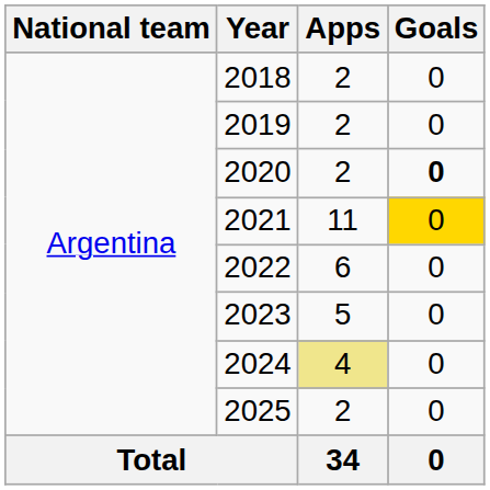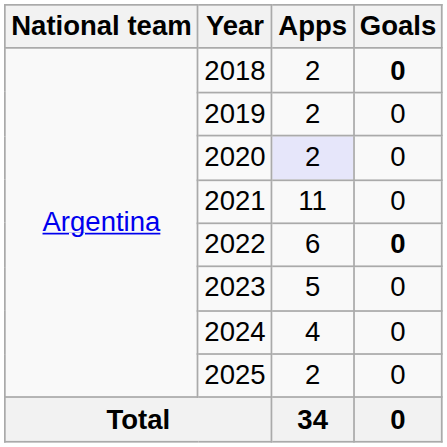 <table class="wikitable" style="text-align:center">
 <tr>
 <th>National team</th>
 <th>Year</th>
 <th>Apps</th>
 <th>Goals</th>
 </tr>
 <tr>
 <td rowspan="8"><a href='#'>Argentina</a></td>
 <td>2018</td>
 <td>2</td>
-<td>0</td>
+<td><strong>0</strong></td>
 </tr>
 <tr>
 <td>2019</td>
 <td>2</td>
 <td>0</td>
 </tr>
 <tr>
 <td>2020</td>
-<td>2</td>
-<td><strong>0</strong></td>
+<td style="background: lavender;">2</td>
+<td>0</td>
 </tr>
 <tr>
 <td>2021</td>
 <td>11</td>
-<td style="background: gold;">0</td>
+<td>0</td>
 </tr>
 <tr>
 <td>2022</td>
 <td>6</td>
-<td>0</td>
+<td><strong>0</strong></td>
 </tr>
 <tr>
 <td>2023</td>
 <td>5</td>
 <td>0</td>
 </tr>
 <tr>
 <td>2024</td>
-<td style="background: khaki;">4</td>
+<td>4</td>
 <td>0</td>
 </tr>
 <tr>
 <td>2025</td>
 <td>2</td>
 <td>0</td>
 </tr>
 <tr>
 <th colspan="2">Total</th>
 <th>34</th>
 <th>0</th>
 </tr>
 </table>
